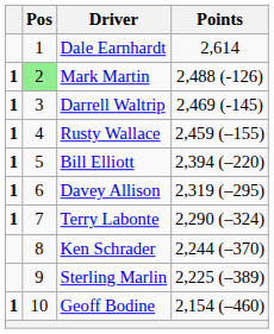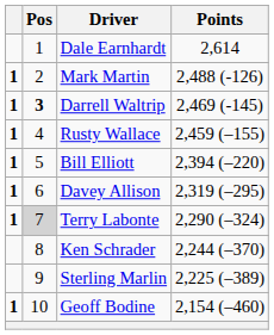 <table class="wikitable" style="font-size: 95%;">
 <tr>
 <th></th>
 <th>Pos</th>
 <th>Driver</th>
 <th>Points</th>
 </tr>
 <tr>
 <td align="left"></td>
 <td style="text-align:center;">1</td>
 <td><a href='#'>Dale Earnhardt</a></td>
 <td style="text-align:center;">2,614</td>
 </tr>
 <tr>
 <td align="left">  <strong>1</strong></td>
-<td style="background: lightgreen; text-align:center;">2</td>
+<td style="text-align:center;">2</td>
 <td><a href='#'>Mark Martin</a></td>
 <td style="text-align:center;">2,488 (-126)</td>
 </tr>
 <tr>
 <td align="left">  <strong>1</strong></td>
-<td style="text-align:center;">3</td>
+<td style="text-align:center;"><strong>3</strong></td>
 <td><a href='#'>Darrell Waltrip</a></td>
 <td style="text-align:center;">2,469 (-145)</td>
 </tr>
 <tr>
 <td align="left">  <strong>1</strong></td>
 <td style="text-align:center;">4</td>
 <td><a href='#'>Rusty Wallace</a></td>
 <td style="text-align:center;">2,459 (–155)</td>
 </tr>
 <tr>
 <td align="left">  <strong>1</strong></td>
 <td style="text-align:center;">5</td>
 <td><a href='#'>Bill Elliott</a></td>
 <td style="text-align:center;">2,394 (–220)</td>
 </tr>
 <tr>
 <td align="left">  <strong>1</strong></td>
 <td style="text-align:center;">6</td>
 <td><a href='#'>Davey Allison</a></td>
 <td style="text-align:center;">2,319 (–295)</td>
 </tr>
 <tr>
 <td align="left">  <strong>1</strong></td>
-<td style="text-align:center;">7</td>
+<td style="background: lightgrey; text-align:center;">7</td>
 <td><a href='#'>Terry Labonte</a></td>
 <td style="text-align:center;">2,290 (–324)</td>
 </tr>
 <tr>
 <td align="left"></td>
 <td style="text-align:center;">8</td>
 <td><a href='#'>Ken Schrader</a></td>
 <td style="text-align:center;">2,244 (–370)</td>
 </tr>
 <tr>
 <td align="left"></td>
 <td style="text-align:center;">9</td>
 <td><a href='#'>Sterling Marlin</a></td>
 <td style="text-align:center;">2,225 (–389)</td>
 </tr>
 <tr>
 <td align="left">  <strong>1</strong></td>
 <td style="text-align:center;">10</td>
 <td><a href='#'>Geoff Bodine</a></td>
 <td style="text-align:center;">2,154 (–460)</td>
 </tr>
 <tr class="sortbottom">
 <th colspan="9"></th>
 </tr>
 </table>
